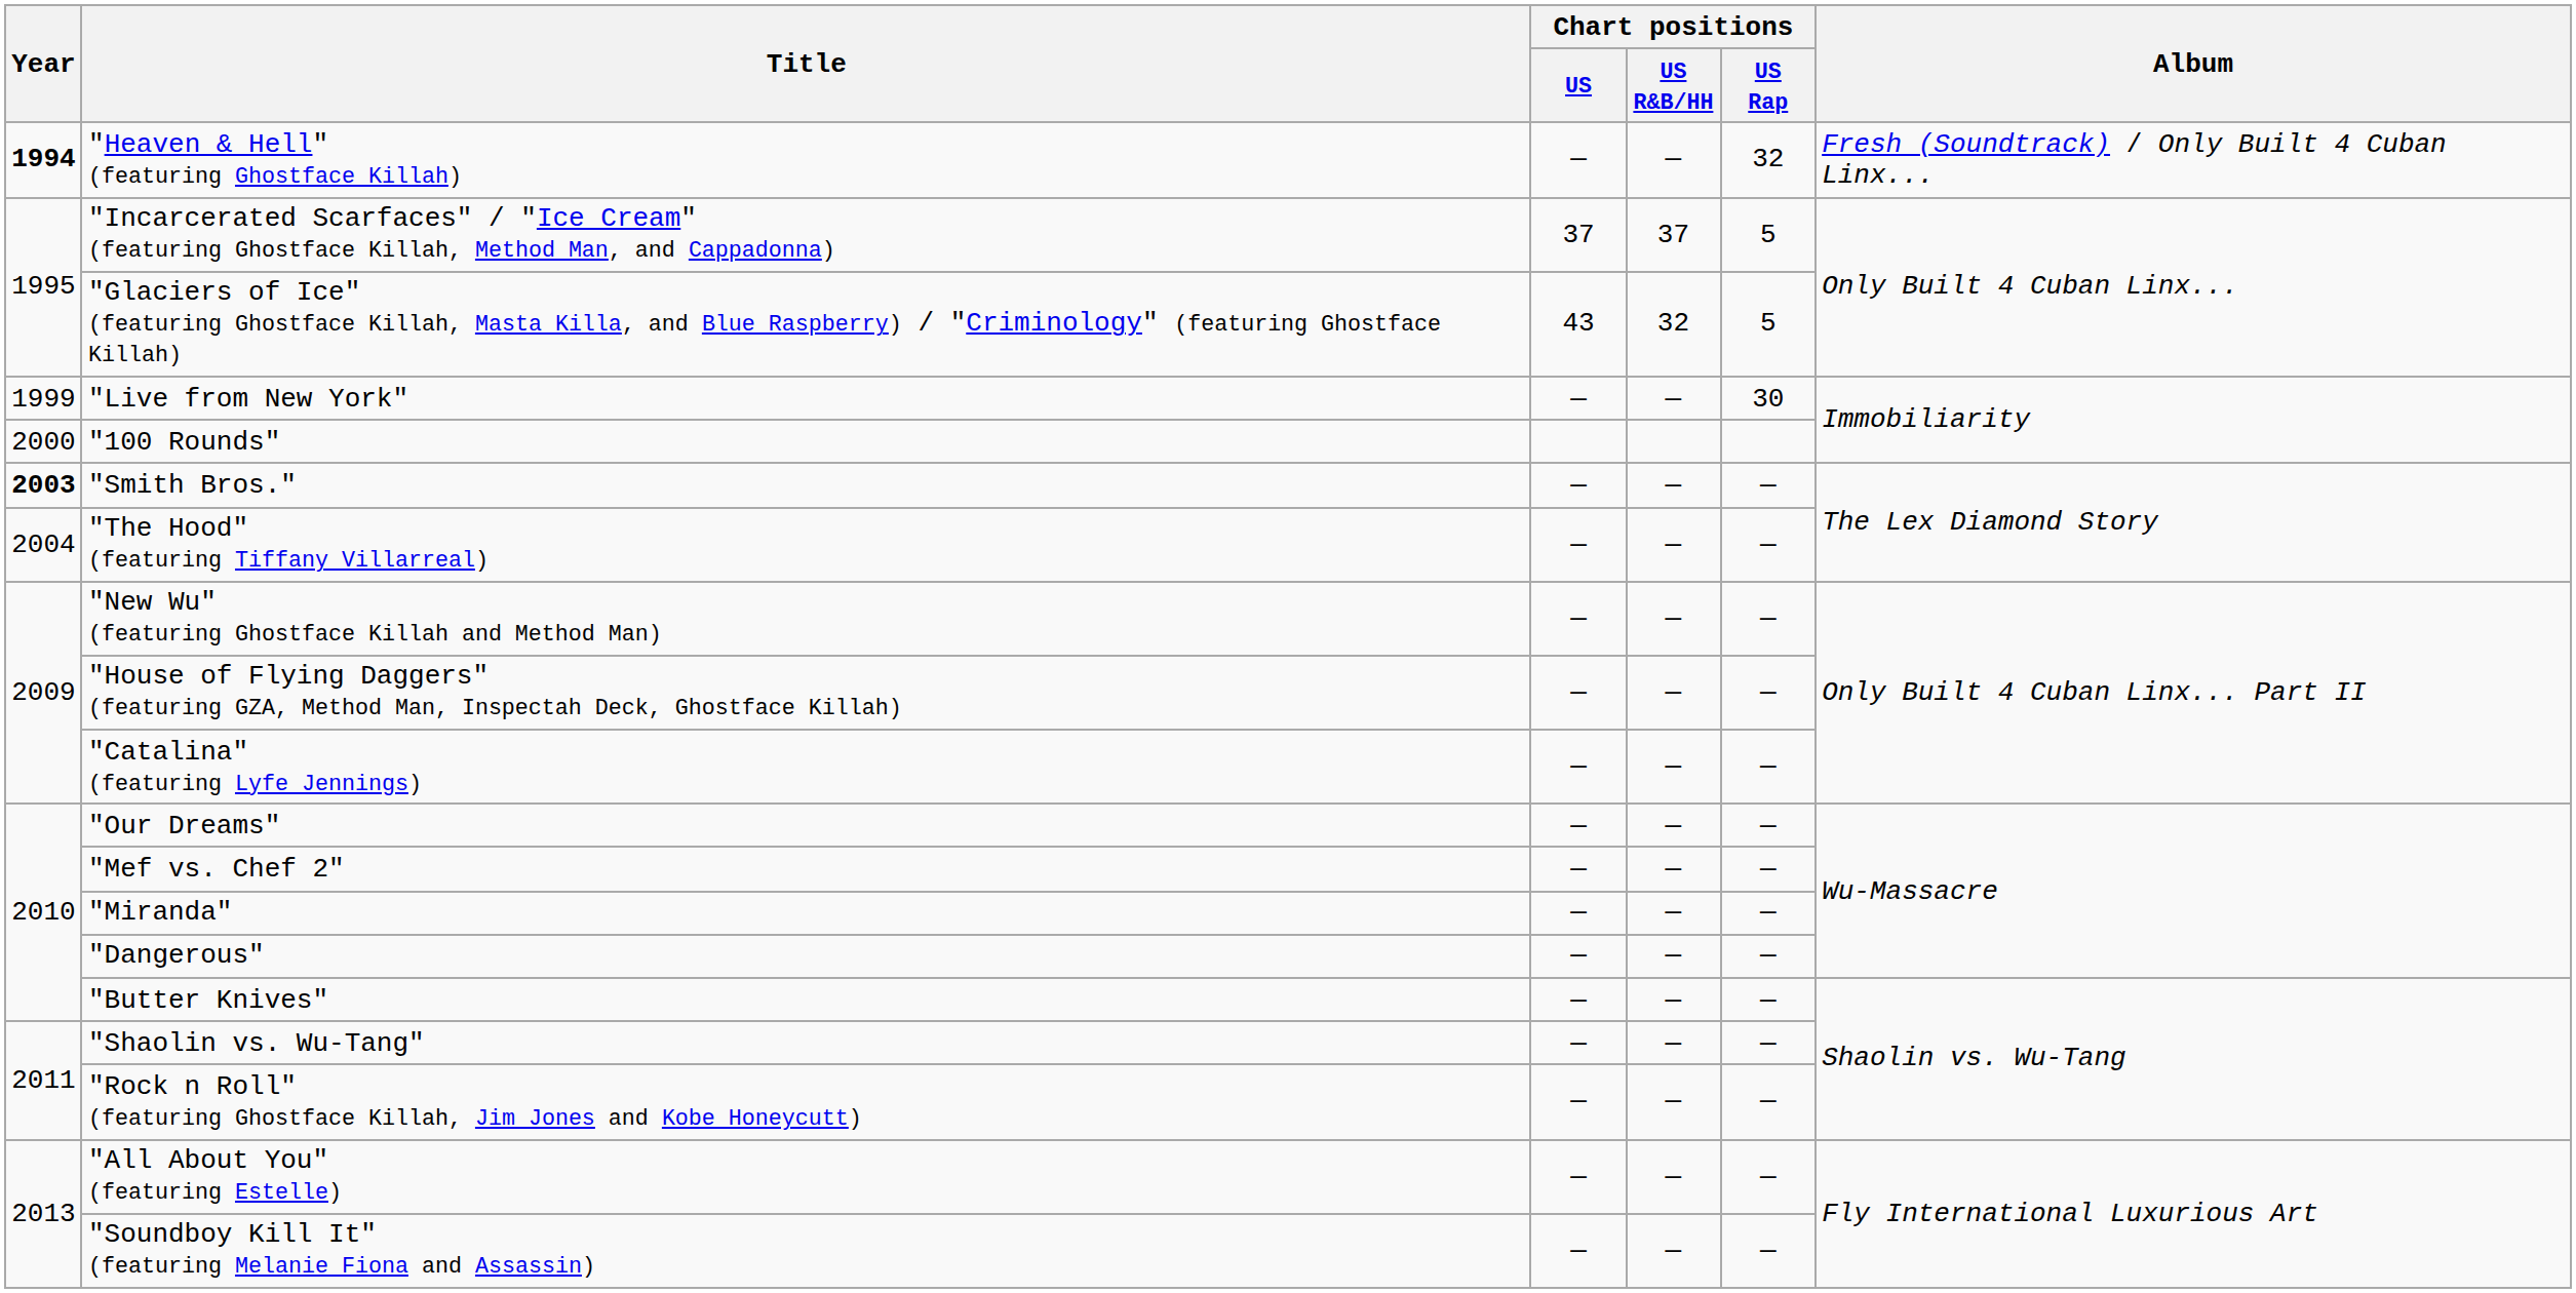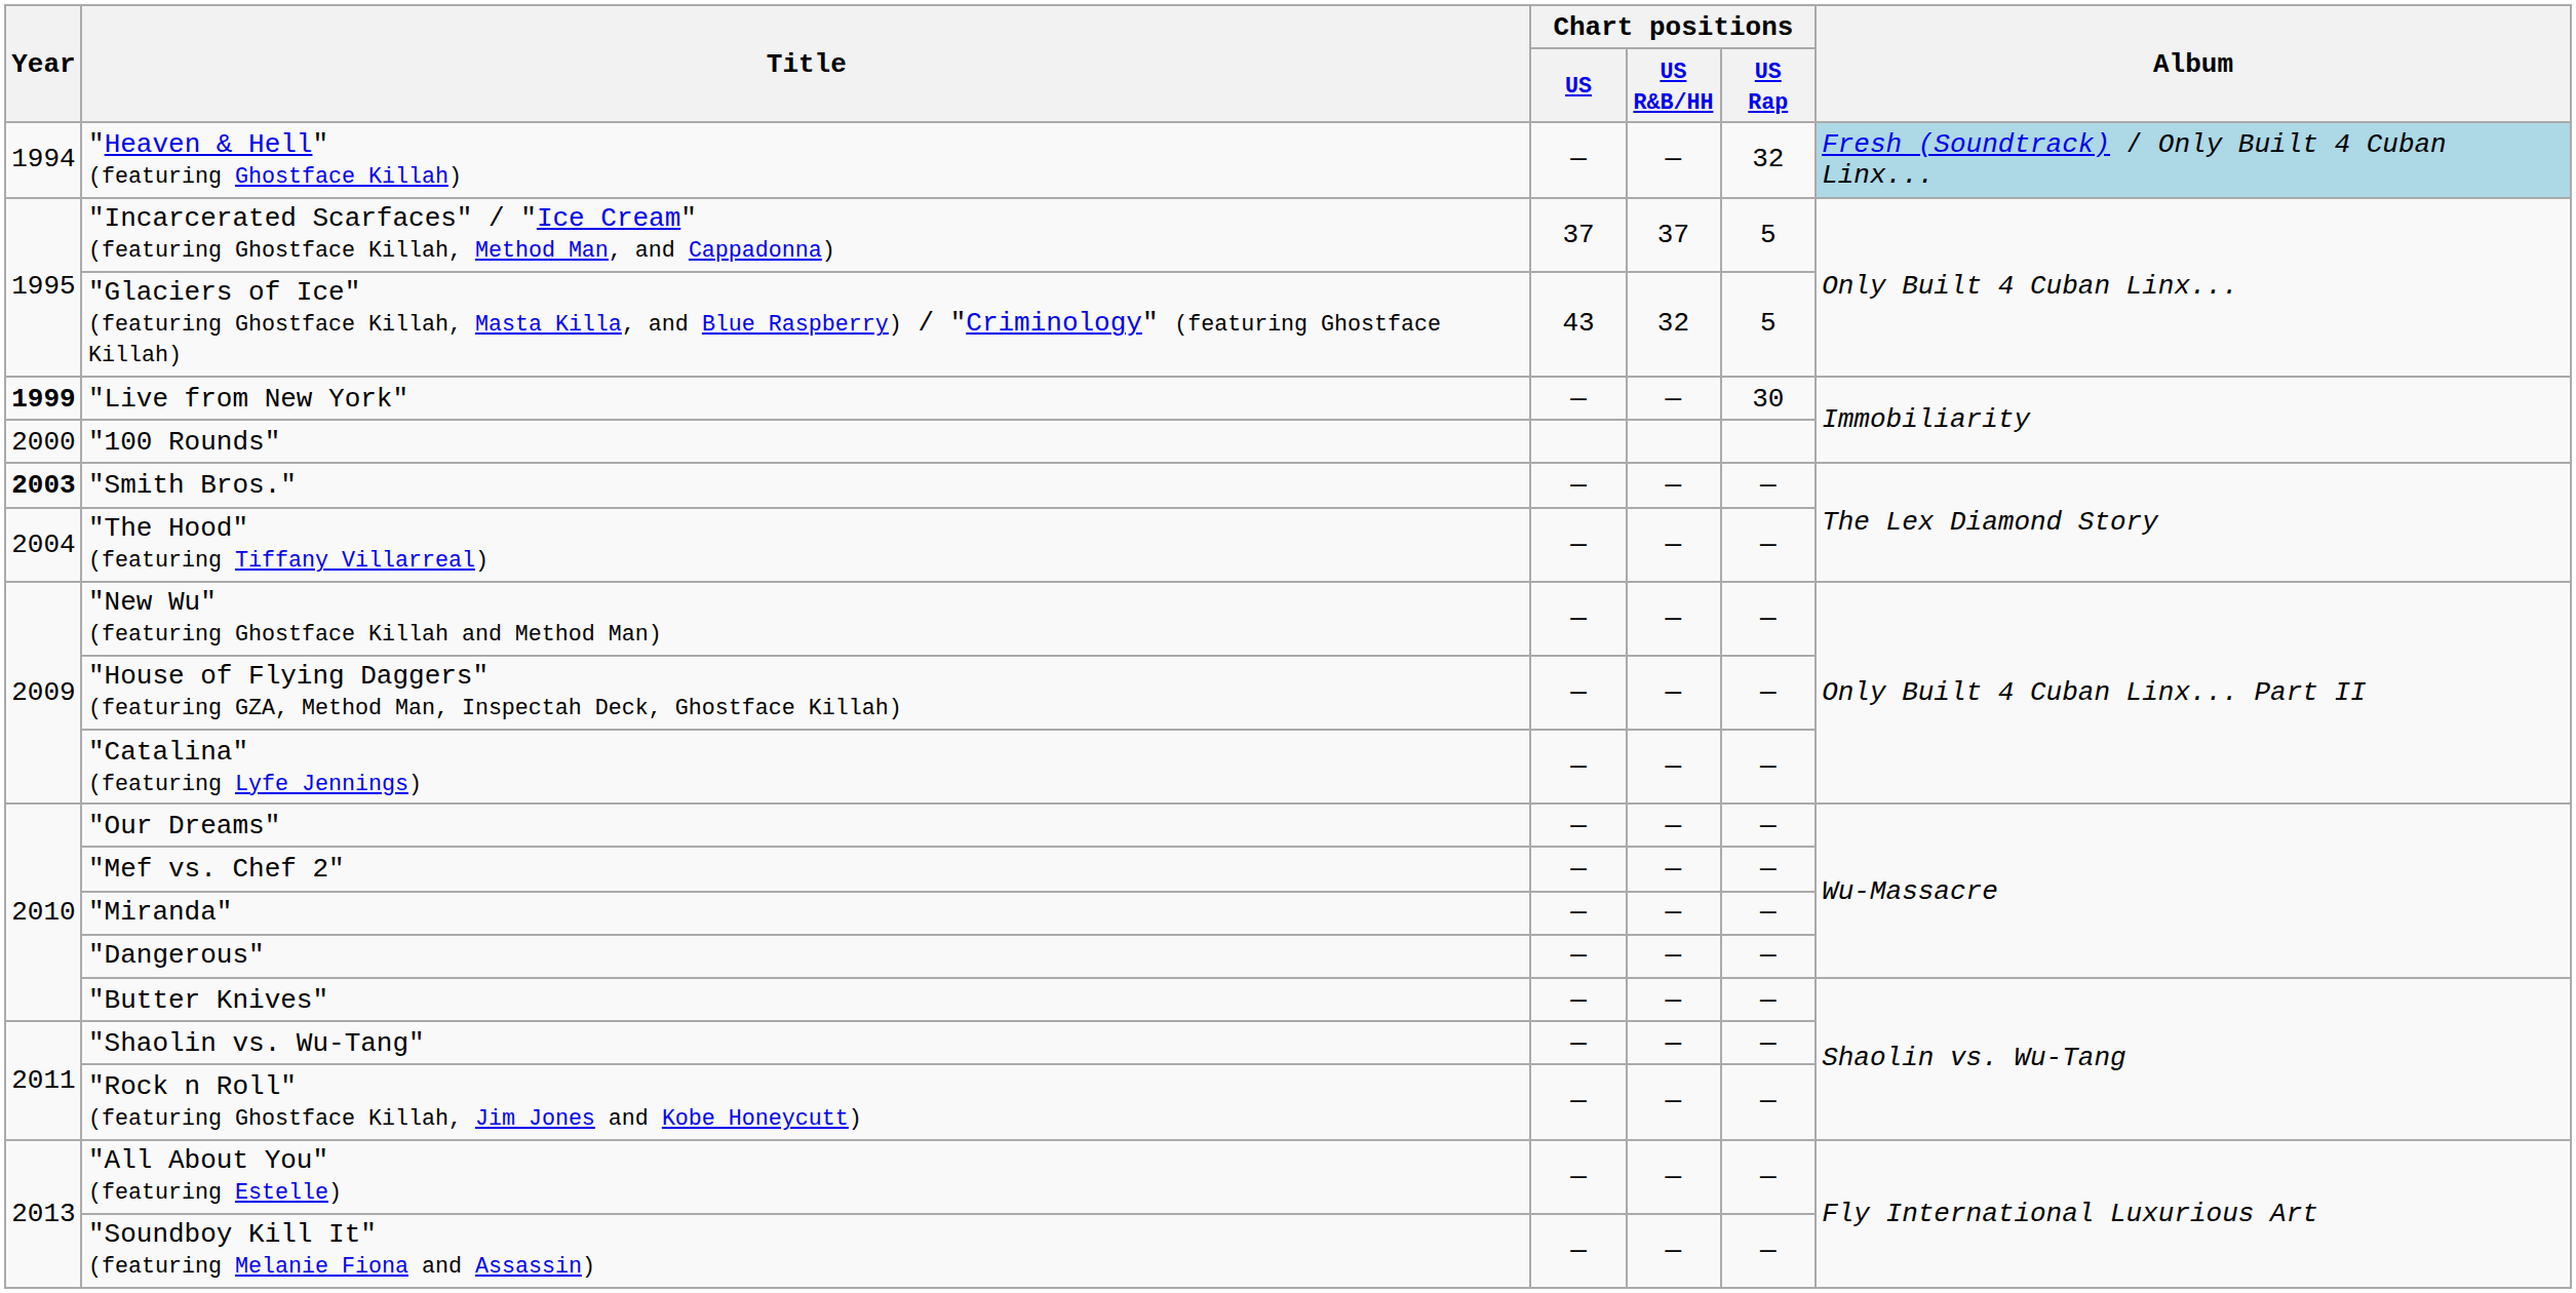 <table class="wikitable">
 <tr>
 <th rowspan="2">Year</th>
 <th rowspan="2">Title</th>
 <th colspan="3">Chart positions</th>
 <th rowspan=2>Album</th>
 </tr>
 <tr>
 <th width="40"><small><a href='#'>US</a></small><br></th>
 <th width="40"><small><a href='#'>US<br>R&B/HH</a></small><br></th>
 <th width="40"><small><a href='#'>US<br>Rap</a></small><br></th>
 </tr>
 <tr>
-<td><strong>1994</strong></td>
+<td>1994</td>
 <td>"<a href='#'>Heaven & Hell</a>"<br><small>(featuring <a href='#'>Ghostface Killah</a>)</small></td>
 <td align=center>—</td>
 <td align=center>—</td>
 <td align=center>32</td>
-<td align=left><a href='#'><em>Fresh (Soundtrack)</em></a> / <em>Only Built 4 Cuban Linx...</em></td>
+<td align=left style="background: lightblue;"><a href='#'><em>Fresh (Soundtrack)</em></a> / <em>Only Built 4 Cuban Linx...</em></td>
 </tr>
 <tr>
 <td rowspan=2>1995</td>
 <td>"Incarcerated Scarfaces" / "<a href='#'>Ice Cream</a>"<br><small>(featuring Ghostface Killah, <a href='#'>Method Man</a>, and <a href='#'>Cappadonna</a>)</small></td>
 <td align=center>37</td>
 <td align=center>37</td>
 <td align=center>5</td>
 <td style="text-align:left;" rowspan="2"><em>Only Built 4 Cuban Linx...</em></td>
 </tr>
 <tr>
 <td>"Glaciers of Ice"<br><small>(featuring Ghostface Killah, <a href='#'>Masta Killa</a>, and <a href='#'>Blue Raspberry</a>)</small> / "<a href='#'>Criminology</a>" <small>(featuring Ghostface Killah)</small></td>
 <td align=center>43</td>
 <td align=center>32</td>
 <td align=center>5</td>
 </tr>
 <tr>
-<td>1999</td>
+<td><strong>1999</strong></td>
 <td>"Live from New York"</td>
 <td align=center>—</td>
 <td align=center>—</td>
 <td align=center>30</td>
 <td rowspan="2" style="text-align:left;"><em>Immobiliarity</em></td>
 </tr>
 <tr>
 <td>2000</td>
 <td>"100 Rounds"</td>
 <td></td>
 <td></td>
 <td></td>
 </tr>
 <tr>
 <td><strong>2003</strong></td>
 <td>"Smith Bros."</td>
 <td align=center>—</td>
 <td align=center>—</td>
 <td align=center>—</td>
 <td style="text-align:left;" rowspan="2"><em>The Lex Diamond Story</em></td>
 </tr>
 <tr>
 <td>2004</td>
 <td>"The Hood"<br><small>(featuring <a href='#'>Tiffany Villarreal</a>)</small></td>
 <td align=center>—</td>
 <td align=center>—</td>
 <td align=center>—</td>
 </tr>
 <tr>
 <td rowspan=3>2009</td>
 <td>"New Wu"<br><small>(featuring Ghostface Killah and Method Man)</small></td>
 <td align=center>—</td>
 <td align=center>—</td>
 <td align=center>—</td>
 <td style="text-align:left;" rowspan="3"><em>Only Built 4 Cuban Linx... Part II</em></td>
 </tr>
 <tr>
 <td>"House of Flying Daggers"<br><small>(featuring GZA, Method Man, Inspectah Deck, Ghostface Killah)</small></td>
 <td align=center>—</td>
 <td align=center>—</td>
 <td align=center>—</td>
 </tr>
 <tr>
 <td>"Catalina"<br><small>(featuring <a href='#'>Lyfe Jennings</a>)</small></td>
 <td align=center>—</td>
 <td align=center>—</td>
 <td align=center>—</td>
 </tr>
 <tr>
 <td rowspan="5">2010</td>
 <td>"Our Dreams"<br></td>
 <td align=center>—</td>
 <td align=center>—</td>
 <td align=center>—</td>
 <td rowspan="4"><em>Wu-Massacre</em></td>
 </tr>
 <tr>
 <td>"Mef vs. Chef 2"<br></td>
 <td align=center>—</td>
 <td align=center>—</td>
 <td align=center>—</td>
 </tr>
 <tr>
 <td>"Miranda"<br></td>
 <td align=center>—</td>
 <td align=center>—</td>
 <td align=center>—</td>
 </tr>
 <tr>
 <td>"Dangerous"<br></td>
 <td align=center>—</td>
 <td align=center>—</td>
 <td align=center>—</td>
 </tr>
 <tr>
 <td>"Butter Knives"</td>
 <td align=center>—</td>
 <td align=center>—</td>
 <td align=center>—</td>
 <td style="text-align:left;" rowspan="3"><em>Shaolin vs. Wu-Tang</em></td>
 </tr>
 <tr>
 <td rowspan="2">2011</td>
 <td>"Shaolin vs. Wu-Tang"</td>
 <td align=center>—</td>
 <td align=center>—</td>
 <td align=center>—</td>
 </tr>
 <tr>
 <td>"Rock n Roll"<br><small>(featuring Ghostface Killah, <a href='#'>Jim Jones</a> and <a href='#'>Kobe Honeycutt</a>)</small></td>
 <td align=center>—</td>
 <td align=center>—</td>
 <td align=center>—</td>
 </tr>
 <tr>
 <td rowspan="2">2013</td>
 <td>"All About You"<br><small>(featuring <a href='#'>Estelle</a>)</small></td>
 <td align=center>—</td>
 <td align=center>—</td>
 <td align=center>—</td>
 <td style="text-align:left;" rowspan="2"><em>Fly International Luxurious Art</em></td>
 </tr>
 <tr>
 <td>"Soundboy Kill It"<br><small>(featuring <a href='#'>Melanie Fiona</a> and <a href='#'>Assassin</a>)</small></td>
 <td align=center>—</td>
 <td align=center>—</td>
 <td align=center>—</td>
 </tr>
 </table>
